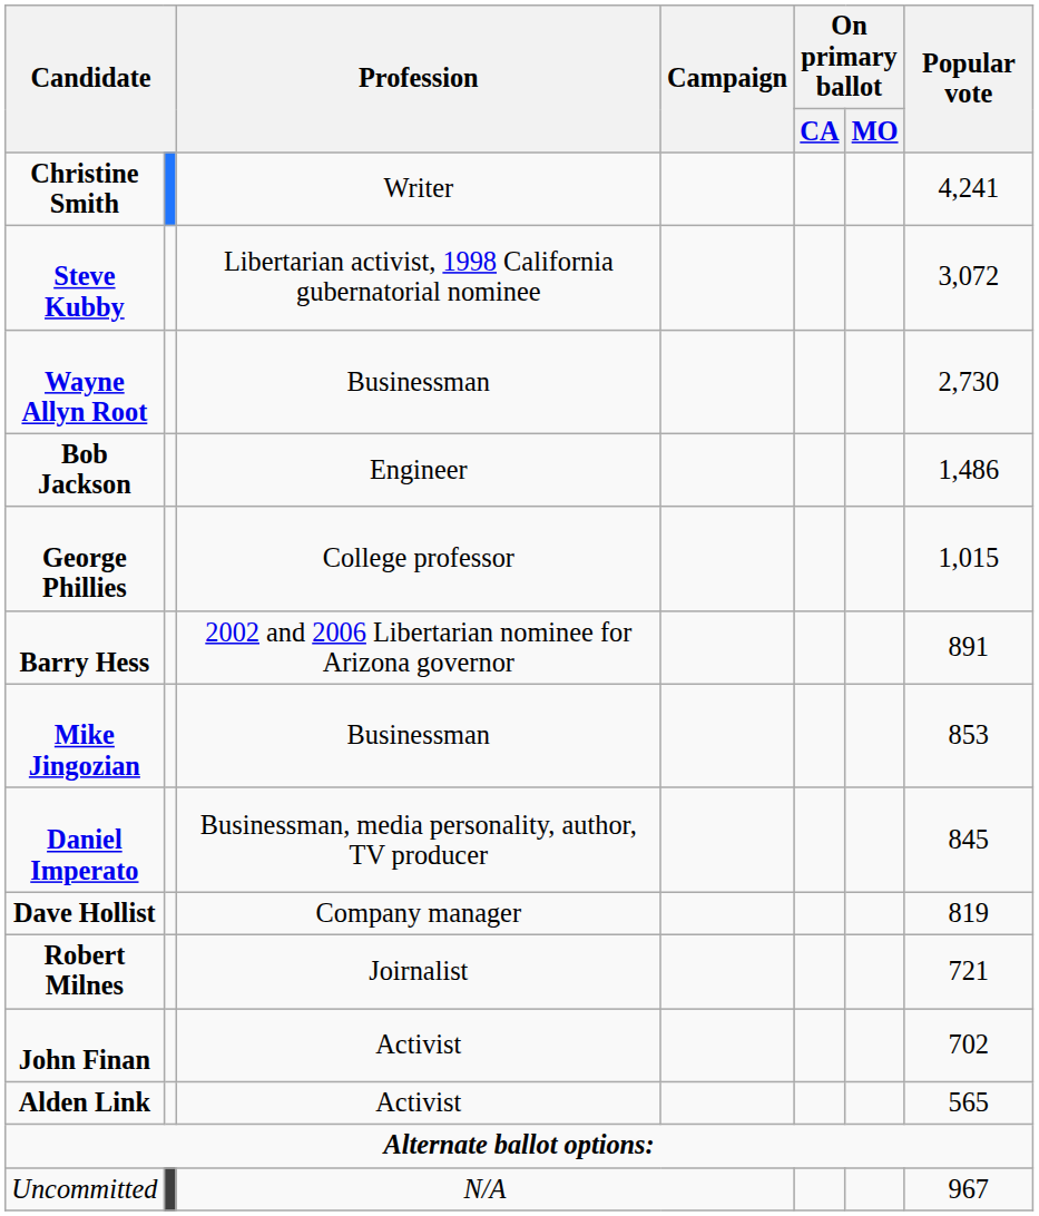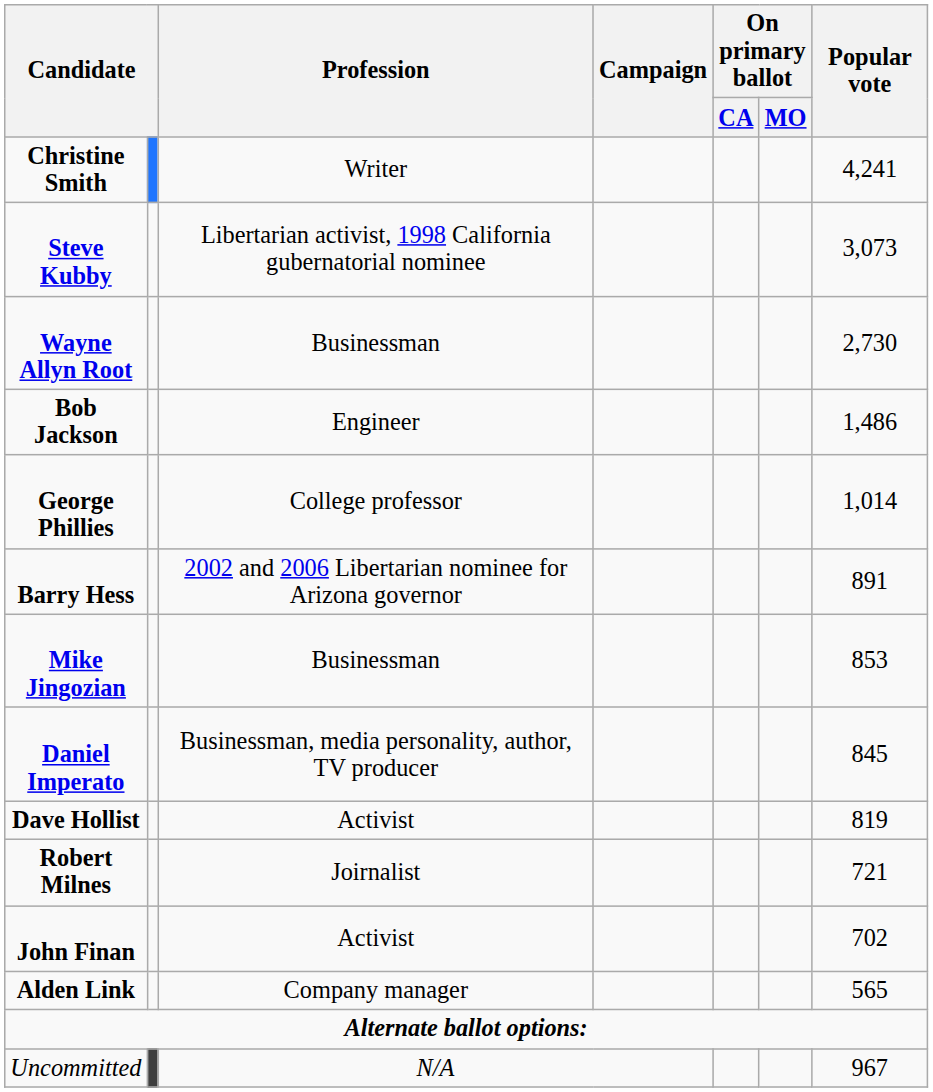 <table class="wikitable sortable" style="text-align:center;">
 <tr>
 <th rowspan="2" colspan="2" style="padding:10px; width:120px; ">Candidate</th>
 <th rowspan="2" style="width:300px;" class="unsortable">Profession</th>
 <th rowspan="2" class="unsortable">Campaign</th>
 <th colspan="2">On primary ballot</th>
 <th rowspan="2" style="padding:10px;">Popular vote</th>
 </tr>
 <tr>
 <th style="width:20px;"><a href='#'>CA</a><br></th>
 <th style="width:20px;"><a href='#'>MO</a></th>
 </tr>
 <tr>
 <td data-sort-value="Smith, Christine"><strong>Christine Smith</strong></td>
 <td style="background:#1F75FE;"></td>
 <td>Writer</td>
 <td></td>
 <td></td>
 <td></td>
 <td data-sort-value="4241">4,241</td>
 </tr>
 <tr>
 <td data-sort-value="Kubby, Steve"><br><strong><a href='#'>Steve Kubby</a></strong></td>
 <td></td>
 <td>Libertarian activist, <a href='#'>1998</a> California gubernatorial nominee</td>
 <td></td>
 <td></td>
 <td></td>
-<td data-sort-value="3072">3,072</td>
+<td data-sort-value="3072">3,073</td>
 </tr>
 <tr>
 <td data-sort-value="Root, Wayne Allyn"><br><strong><a href='#'>Wayne Allyn Root</a></strong></td>
 <td></td>
 <td>Businessman</td>
 <td></td>
 <td></td>
 <td></td>
 <td data-sort-value="2730">2,730</td>
 </tr>
 <tr>
 <td data-sort-value="Jackson, Bob"><strong>Bob Jackson</strong></td>
 <td></td>
 <td>Engineer</td>
 <td></td>
 <td></td>
 <td></td>
 <td data-sort-value="1486">1,486</td>
 </tr>
 <tr>
 <td data-sort-value="Phillies, George"><br><strong>George Phillies</strong></td>
 <td></td>
 <td>College professor</td>
 <td></td>
 <td></td>
 <td></td>
-<td data-sort-value="1015">1,015</td>
+<td data-sort-value="1015">1,014</td>
 </tr>
 <tr>
 <td data-sort-value="Hess, Barry"><br><strong>Barry Hess</strong></td>
 <td></td>
 <td><a href='#'>2002</a> and <a href='#'>2006</a> Libertarian nominee for Arizona governor</td>
 <td></td>
 <td></td>
 <td></td>
 <td data-sort-value="891">891</td>
 </tr>
 <tr>
 <td data-sort-value="Jingozian, Mike"><br><strong><a href='#'>Mike Jingozian</a></strong></td>
 <td></td>
 <td>Businessman</td>
 <td></td>
 <td></td>
 <td></td>
 <td data-sort-value="853">853</td>
 </tr>
 <tr>
 <td data-sort-value="Imperato, Daniel"><br><strong><a href='#'>Daniel Imperato</a></strong></td>
 <td></td>
 <td>Businessman, media personality, author, TV producer</td>
 <td></td>
 <td></td>
 <td></td>
 <td data-sort-value="848">845</td>
 </tr>
 <tr>
 <td data-sort-value="Hollist, Dave"><strong>Dave Hollist</strong></td>
 <td></td>
-<td>Company manager</td>
+<td>Activist</td>
 <td></td>
 <td></td>
 <td></td>
 <td data-sort-value="819">819</td>
 </tr>
 <tr>
 <td data-sort-value="Milnes, Robert"><strong>Robert Milnes</strong></td>
 <td></td>
 <td>Joirnalist</td>
 <td></td>
 <td></td>
 <td></td>
 <td data-sort-value="721">721</td>
 </tr>
 <tr>
 <td data-sort-value="Finan, John"><br><strong>John Finan</strong></td>
 <td></td>
 <td>Activist</td>
 <td></td>
 <td></td>
 <td></td>
 <td data-sort-value="706">702</td>
 </tr>
 <tr>
 <td data-sort-value="Link, Alden"><strong>Alden Link</strong></td>
 <td></td>
-<td>Activist</td>
+<td>Company manager</td>
 <td></td>
 <td></td>
 <td></td>
 <td data-sort-value="565">565</td>
 </tr>
 <tr>
 <td Colspan=11><strong><em>Alternate ballot options:</em></strong></td>
 </tr>
 <tr>
 <td data-sort-value="Uncommitted"><em>Uncommitted</em></td>
 <td style="background:#3F3F3F"></td>
 <td colspan=2><em>N/A</em></td>
 <td></td>
 <td></td>
 <td data-sort-value="967">967</td>
 </tr>
 </table>
